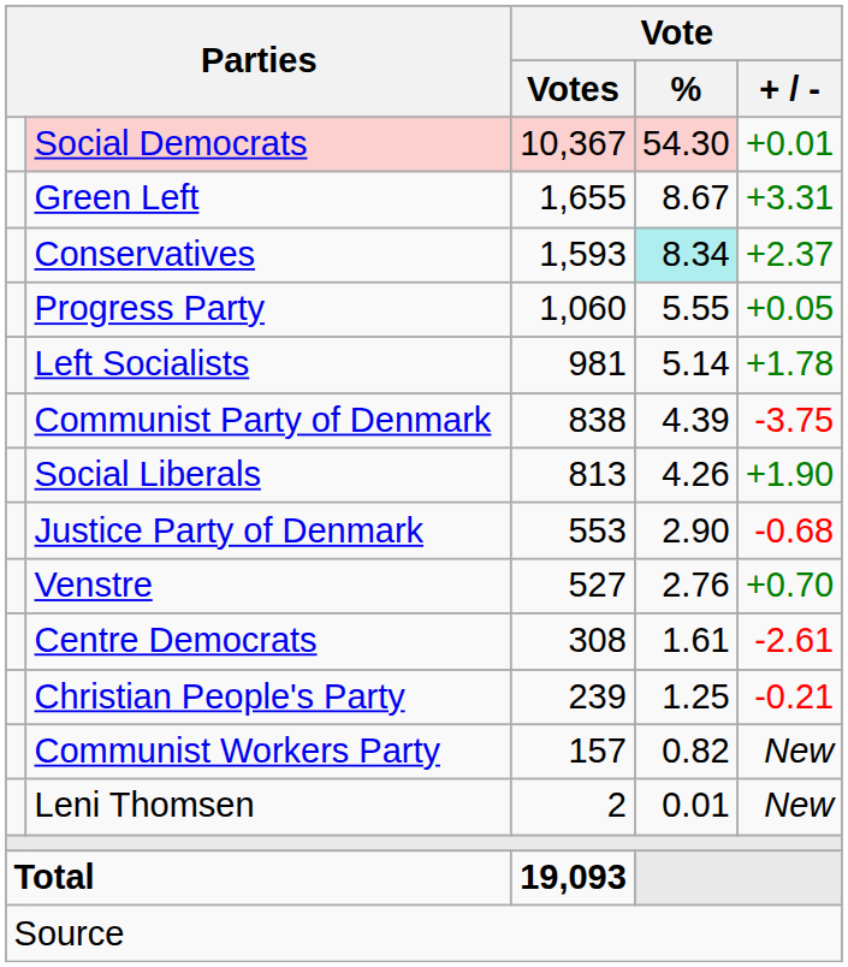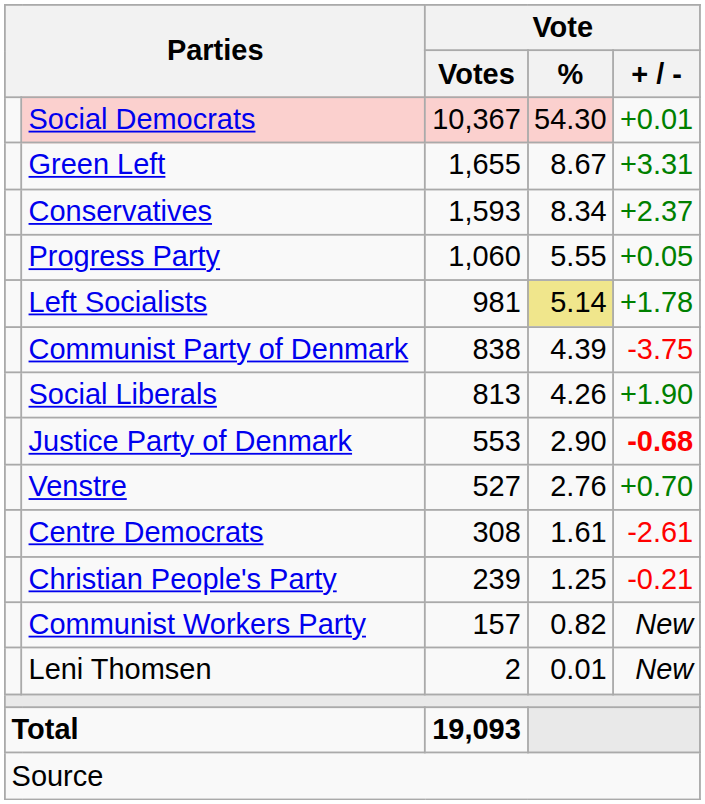 <table class="wikitable" style="text-align:right;">
 <tr>
 <th style="text-align:centre;" rowspan="2" colspan="2" width="225">Parties</th>
 <th colspan="3">Vote</th>
 </tr>
 <tr>
 <th width="15">Votes</th>
 <th width="15">%</th>
 <th width="15">+ / -</th>
 </tr>
 <tr>
 <td width="2" style="color:inherit;background:"></td>
 <td bgcolor=#fbd0ce  align="left"><a href='#'>Social Democrats</a></td>
 <td bgcolor=#fbd0ce>10,367</td>
 <td bgcolor=#fbd0ce>54.30</td>
 <td style=color:green;>+0.01</td>
 </tr>
 <tr>
 <td width="2" style="color:inherit;background:"></td>
 <td align="left"><a href='#'>Green Left</a></td>
 <td>1,655</td>
 <td>8.67</td>
 <td style=color:green;>+3.31</td>
 </tr>
 <tr>
 <td width="2" style="color:inherit;background:"></td>
 <td align="left"><a href='#'>Conservatives</a></td>
 <td>1,593</td>
-<td style="background: paleturquoise;">8.34</td>
+<td>8.34</td>
 <td style=color:green;>+2.37</td>
 </tr>
 <tr>
 <td width="2" style="color:inherit;background:"></td>
 <td align="left"><a href='#'>Progress Party</a></td>
 <td>1,060</td>
 <td>5.55</td>
 <td style=color:green;>+0.05</td>
 </tr>
 <tr>
 <td width="2" style="color:inherit;background:"></td>
 <td align="left"><a href='#'>Left Socialists</a></td>
 <td>981</td>
-<td>5.14</td>
+<td style="background: khaki;">5.14</td>
 <td style=color:green;>+1.78</td>
 </tr>
 <tr>
 <td width="2" style="color:inherit;background:"></td>
 <td align="left"><a href='#'>Communist Party of Denmark</a></td>
 <td>838</td>
 <td>4.39</td>
 <td style=color:red;>-3.75</td>
 </tr>
 <tr>
 <td width="2" style="color:inherit;background:"></td>
 <td align="left"><a href='#'>Social Liberals</a></td>
 <td>813</td>
 <td>4.26</td>
 <td style=color:green;>+1.90</td>
 </tr>
 <tr>
 <td width="2" style="color:inherit;background:"></td>
 <td align="left"><a href='#'>Justice Party of Denmark</a></td>
 <td>553</td>
 <td>2.90</td>
-<td style=color:red;>-0.68</td>
+<td style=color:red;><strong>-0.68</strong></td>
 </tr>
 <tr>
 <td width="2" style="color:inherit;background:"></td>
 <td align="left"><a href='#'>Venstre</a></td>
 <td>527</td>
 <td>2.76</td>
 <td style=color:green;>+0.70</td>
 </tr>
 <tr>
 <td width="2" style="color:inherit;background:"></td>
 <td align="left"><a href='#'>Centre Democrats</a></td>
 <td>308</td>
 <td>1.61</td>
 <td style=color:red;>-2.61</td>
 </tr>
 <tr>
 <td width="2" style="color:inherit;background:"></td>
 <td align="left"><a href='#'>Christian People's Party</a></td>
 <td>239</td>
 <td>1.25</td>
 <td style=color:red;>-0.21</td>
 </tr>
 <tr>
 <td width="2" style="color:inherit;background:"></td>
 <td align="left"><a href='#'>Communist Workers Party</a></td>
 <td>157</td>
 <td>0.82</td>
 <td><em>New</em></td>
 </tr>
 <tr>
 <td width="2" style="color:inherit;background:"></td>
 <td align="left">Leni Thomsen</td>
 <td>2</td>
 <td>0.01</td>
 <td><em>New</em></td>
 </tr>
 <tr>
 <td colspan="7" bgcolor="#E9E9E9"></td>
 </tr>
 <tr>
 <td align="left" colspan="2"><strong>Total</strong></td>
 <td><strong>19,093</strong></td>
 <td bgcolor="#E9E9E9" colspan="2"></td>
 </tr>
 <tr>
 <td align="left" colspan="6">Source</td>
 </tr>
 </table>
